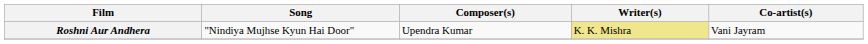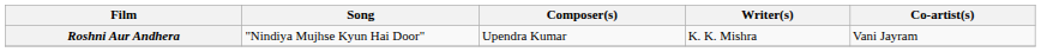 <table class="wikitable plainrowheaders" style="width:100%;" textcolor:#000;">
 <tr style="background:#b0e0e66;">
 <th scope="col" style="width:23%;"><strong>Film</strong></th>
 <th scope="col" style="width:23%;"><strong>Song</strong></th>
 <th scope="col" style="width:20%;"><strong>Composer(s)</strong></th>
 <th scope="col" style="width:16%;"><strong>Writer(s)</strong></th>
 <th scope="col" style="width:18%;"><strong>Co-artist(s)</strong></th>
 </tr>
 <tr>
 <th><em>Roshni Aur Andhera</em></th>
 <td>"Nindiya Mujhse Kyun Hai Door"</td>
 <td>Upendra Kumar</td>
-<td style="background: khaki;">K. K. Mishra</td>
+<td>K. K. Mishra</td>
 <td>Vani Jayram</td>
 </tr>
 <tr>
 </tr>
 </table>
